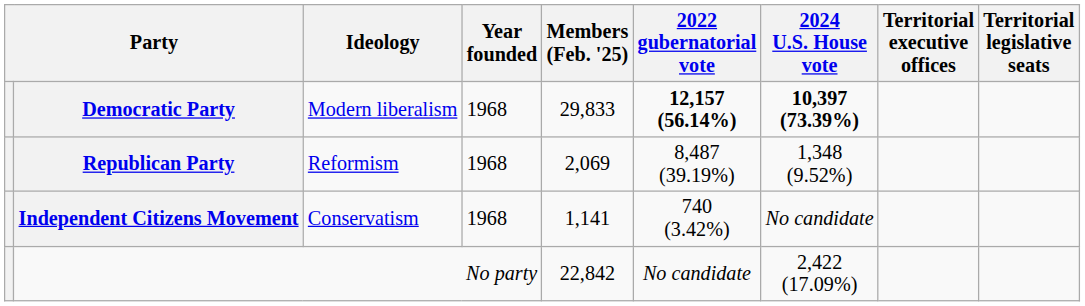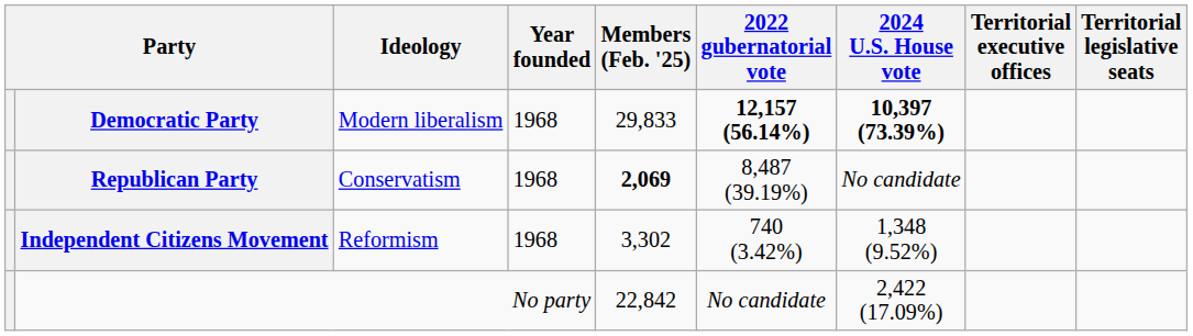 <table class="wikitable plainrowheaders">
 <tr>
 <th colspan="2">Party</th>
 <th>Ideology</th>
 <th>Year<br>founded</th>
 <th>Members<br>(Feb. '25)</th>
 <th><a href='#'>2022<br>gubernatorial<br>vote</a></th>
 <th><a href='#'>2024<br>U.S. House<br>vote</a></th>
 <th>Territorial<br>executive<br>offices</th>
 <th>Territorial<br>legislative<br>seats</th>
 </tr>
 <tr>
 <th style="background-color:"></th>
 <th><a href='#'>Democratic Party</a></th>
 <td><a href='#'>Modern liberalism</a></td>
 <td>1968</td>
 <td style="text-align: center">29,833</td>
 <td style="text-align: center"><strong>12,157<br>(56.14%)</strong></td>
 <td style="text-align: center"><strong>10,397<br>(73.39%)</strong></td>
 <td></td>
 <td></td>
 </tr>
 <tr>
 <th style="background-color:"></th>
 <th><a href='#'>Republican Party</a></th>
-<td><a href='#'>Reformism</a></td>
+<td><a href='#'>Conservatism</a></td>
 <td>1968</td>
-<td style="text-align: center">2,069</td>
+<td style="text-align: center"><strong>2,069</strong></td>
 <td style="text-align: center">8,487<br>(39.19%)</td>
-<td style="text-align: center">1,348 <br>(9.52%)</td>
+<td style="text-align: center"><em>No candidate</em></td>
 <td></td>
 <td></td>
 </tr>
 <tr>
 <th style="background-color:"></th>
 <th><a href='#'>Independent Citizens Movement</a></th>
-<td><a href='#'>Conservatism</a></td>
+<td><a href='#'>Reformism</a></td>
 <td>1968</td>
-<td style="text-align: center">1,141</td>
+<td style="text-align: center">3,302</td>
 <td style="text-align: center">740 <br>(3.42%)</td>
-<td style="text-align: center"><em>No candidate</em></td>
+<td style="text-align: center">1,348 <br>(9.52%)</td>
 <td></td>
 <td></td>
 </tr>
 <tr>
 <th style="background-color:"></th>
 <td colspan=3 style="text-align: right"><em>No party</em></td>
 <td style="text-align: center">22,842</td>
 <td style="text-align: center"><em>No candidate</em></td>
 <td style="text-align: center">2,422<br>(17.09%)</td>
 <td></td>
 <td></td>
 </tr>
 </table>
